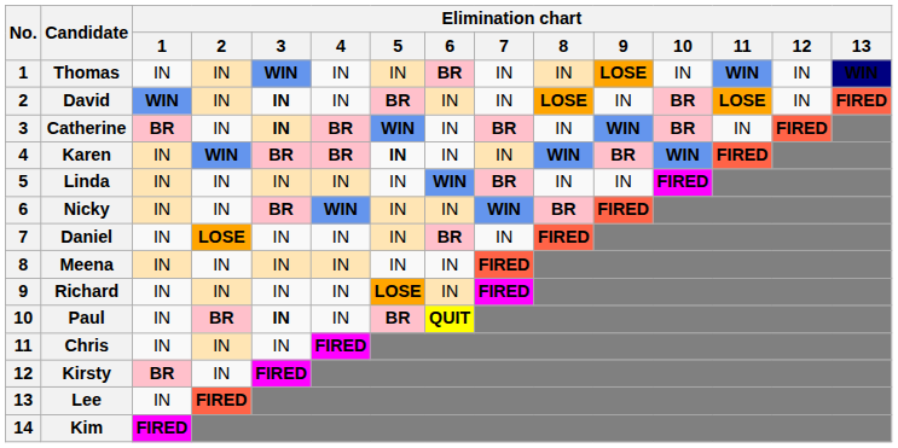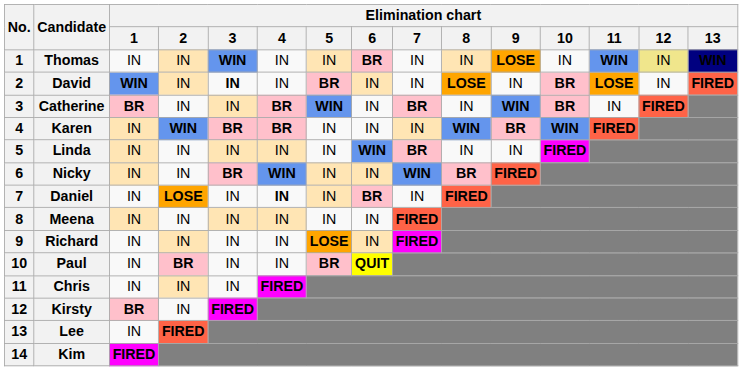 <table class="wikitable" style="text-align:center">
 <tr>
 <th rowspan=2>No.</th>
 <th rowspan=2>Candidate</th>
 <th colspan="14">Elimination chart</th>
 </tr>
 <tr>
 <th>1</th>
 <th>2</th>
 <th>3</th>
 <th>4</th>
 <th>5</th>
 <th>6</th>
 <th>7</th>
 <th>8</th>
 <th>9</th>
 <th>10</th>
 <th>11</th>
 <th>12</th>
 <th>13</th>
 </tr>
 <tr>
 <th>1</th>
 <th>Thomas</th>
 <td>IN</td>
 <td bgcolor="#FFE5B4">IN</td>
 <td bgcolor="cornflowerblue"><strong>WIN</strong></td>
 <td>IN</td>
 <td bgcolor="#FFE5B4">IN</td>
 <td bgcolor="pink"><strong>BR</strong></td>
 <td>IN</td>
 <td bgcolor="#FFE5B4">IN</td>
 <td bgcolor="orange"><strong>LOSE</strong></td>
 <td>IN</td>
 <td bgcolor="cornflowerblue"><strong>WIN</strong></td>
-<td>IN</td>
+<td style="background: khaki;">IN</td>
 <td bgcolor="navy"><span><strong>WIN</strong></span></td>
 </tr>
 <tr>
 <th>2</th>
 <th>David</th>
 <td bgcolor="cornflowerblue"><strong>WIN</strong></td>
 <td bgcolor="#FFE5B4">IN</td>
 <td><strong>IN</strong></td>
 <td>IN</td>
 <td bgcolor="pink"><strong>BR</strong></td>
 <td bgcolor="#FFE5B4">IN</td>
 <td>IN</td>
 <td bgcolor="orange"><strong>LOSE</strong></td>
 <td>IN</td>
 <td bgcolor="pink"><strong>BR</strong></td>
 <td bgcolor="orange"><strong>LOSE</strong></td>
 <td>IN</td>
 <td bgcolor="tomato"><strong>FIRED</strong></td>
 </tr>
 <tr>
 <th>3</th>
 <th>Catherine</th>
 <td bgcolor="pink"><strong>BR</strong></td>
 <td>IN</td>
-<td bgcolor="#FFE5B4"><strong>IN</strong></td>
+<td bgcolor="#FFE5B4">IN</td>
 <td bgcolor="pink"><strong>BR</strong></td>
 <td bgcolor="cornflowerblue"><strong>WIN</strong></td>
 <td>IN</td>
 <td bgcolor="pink"><strong>BR</strong></td>
 <td>IN</td>
 <td bgcolor="cornflowerblue"><strong>WIN</strong></td>
 <td bgcolor="pink"><strong>BR</strong></td>
 <td>IN</td>
 <td bgcolor="tomato"><strong>FIRED</strong></td>
 <td colspan="8" bgcolor=gray></td>
 </tr>
 <tr>
 <th>4</th>
 <th>Karen</th>
 <td bgcolor="#FFE5B4">IN</td>
 <td bgcolor="cornflowerblue"><strong>WIN</strong></td>
 <td bgcolor="pink"><strong>BR</strong></td>
 <td bgcolor="pink"><strong>BR</strong></td>
-<td><strong>IN</strong></td>
+<td>IN</td>
 <td>IN</td>
 <td bgcolor="#FFE5B4">IN</td>
 <td bgcolor="cornflowerblue"><strong>WIN</strong></td>
 <td bgcolor="pink"><strong>BR</strong></td>
 <td bgcolor="cornflowerblue"><strong>WIN</strong></td>
 <td bgcolor="tomato"><strong>FIRED</strong></td>
 <td colspan="8" bgcolor=gray></td>
 </tr>
 <tr>
 <th>5</th>
 <th>Linda</th>
 <td bgcolor="#FFE5B4">IN</td>
 <td>IN</td>
 <td bgcolor="#FFE5B4">IN</td>
 <td bgcolor="#FFE5B4">IN</td>
 <td>IN</td>
 <td bgcolor="cornflowerblue"><strong>WIN</strong></td>
 <td bgcolor="pink"><strong>BR</strong></td>
 <td>IN</td>
 <td>IN</td>
 <td bgcolor="magenta"><strong>FIRED</strong></td>
 <td colspan="8" bgcolor=gray></td>
 </tr>
 <tr>
 <th>6</th>
 <th>Nicky</th>
 <td bgcolor="#FFE5B4">IN</td>
 <td>IN</td>
 <td bgcolor="pink"><strong>BR</strong></td>
 <td bgcolor="cornflowerblue"><strong>WIN</strong></td>
 <td bgcolor="#FFE5B4">IN</td>
 <td bgcolor="#FFE5B4">IN</td>
 <td bgcolor="cornflowerblue"><strong>WIN</strong></td>
 <td bgcolor="pink"><strong>BR</strong></td>
 <td bgcolor="tomato"><strong>FIRED</strong></td>
 <td colspan="8" bgcolor=gray></td>
 </tr>
 <tr>
 <th>7</th>
 <th>Daniel</th>
 <td>IN</td>
 <td bgcolor="orange"><strong>LOSE</strong></td>
 <td>IN</td>
-<td>IN</td>
+<td><strong>IN</strong></td>
 <td bgcolor="#FFE5B4">IN</td>
 <td bgcolor="pink"><strong>BR</strong></td>
 <td>IN</td>
 <td bgcolor="tomato"><strong>FIRED</strong></td>
 <td colspan="8" bgcolor=gray></td>
 </tr>
 <tr>
 <th>8</th>
 <th>Meena</th>
 <td bgcolor="#FFE5B4">IN</td>
 <td>IN</td>
 <td bgcolor="#FFE5B4">IN</td>
 <td bgcolor="#FFE5B4">IN</td>
 <td>IN</td>
 <td>IN</td>
 <td bgcolor="tomato"><strong>FIRED</strong></td>
 <td colspan="8" bgcolor=gray></td>
 </tr>
 <tr>
 <th>9</th>
 <th>Richard</th>
 <td>IN</td>
 <td bgcolor="#FFE5B4">IN</td>
 <td>IN</td>
 <td>IN</td>
 <td bgcolor="orange"><strong>LOSE</strong></td>
 <td bgcolor="#FFE5B4">IN</td>
 <td bgcolor="magenta"><strong>FIRED</strong></td>
 <td colspan="8" bgcolor=gray></td>
 </tr>
 <tr>
 <th>10</th>
 <th>Paul</th>
 <td>IN</td>
 <td bgcolor="pink"><strong>BR</strong></td>
-<td><strong>IN</strong></td>
+<td>IN</td>
 <td>IN</td>
 <td bgcolor="pink"><strong>BR</strong></td>
 <td bgcolor="yellow"><strong>QUIT</strong></td>
 <td colspan="9" bgcolor=gray></td>
 </tr>
 <tr>
 <th>11</th>
 <th>Chris</th>
 <td>IN</td>
 <td bgcolor="#FFE5B4">IN</td>
 <td>IN</td>
 <td bgcolor="magenta"><strong>FIRED</strong></td>
 <td colspan="10" bgcolor=gray></td>
 </tr>
 <tr>
 <th>12</th>
 <th>Kirsty</th>
 <td bgcolor="pink"><strong>BR</strong></td>
 <td r="magenta">IN</td>
 <td bgcolor="magenta"><strong>FIRED</strong></td>
 <td colspan="11" bgcolor=gray></td>
 </tr>
 <tr>
 <th>13</th>
 <th>Lee</th>
 <td>IN</td>
 <td bgcolor="tomato"><strong>FIRED</strong></td>
 <td colspan="11" bgcolor=gray></td>
 </tr>
 <tr>
 <th>14</th>
 <th>Kim</th>
 <td bgcolor="magenta"><strong>FIRED</strong></td>
 <td colspan="12" bgcolor=gray></td>
 </tr>
 </table>
